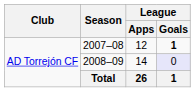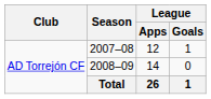 <table class="wikitable" style="text-align: center;">
 <tr>
 <th rowspan="2">Club</th>
 <th rowspan="2">Season</th>
 <th colspan="2">League</th>
 </tr>
 <tr>
 <th>Apps</th>
 <th>Goals</th>
 </tr>
 <tr>
 <td rowspan="3"><a href='#'>AD Torrejón CF</a></td>
 <td>2007–08</td>
 <td>12</td>
-<td><strong>1</strong></td>
+<td>1</td>
 </tr>
 <tr>
 <td>2008–09</td>
 <td>14</td>
-<td style="background: lavender;">0</td>
+<td>0</td>
 </tr>
 <tr>
 <th>Total</th>
 <th>26</th>
 <th>1</th>
 </tr>
 </table>
